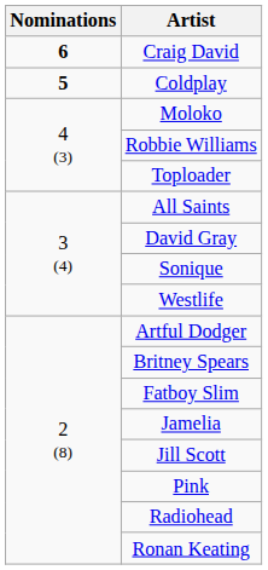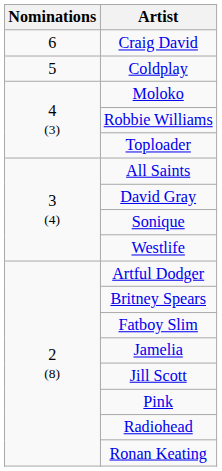 <table class="wikitable" rowspan="2" style="text-align:center;">
 <tr>
 <th scope="col" style="width:55px;">Nominations</th>
 <th scope="col" style="text-align:center;">Artist</th>
 </tr>
 <tr>
-<td><strong>6</strong></td>
+<td>6</td>
 <td><a href='#'>Craig David</a></td>
 </tr>
 <tr>
-<td><strong>5</strong></td>
+<td>5</td>
 <td><a href='#'>Coldplay</a></td>
 </tr>
 <tr>
 <td rowspan="3">4<br><small>(3)</small></td>
 <td><a href='#'>Moloko</a></td>
 </tr>
 <tr>
 <td><a href='#'>Robbie Williams</a></td>
 </tr>
 <tr>
 <td><a href='#'>Toploader</a></td>
 </tr>
 <tr>
 <td rowspan="4">3<br><small>(4)</small></td>
 <td><a href='#'>All Saints</a></td>
 </tr>
 <tr>
 <td><a href='#'>David Gray</a></td>
 </tr>
 <tr>
 <td><a href='#'>Sonique</a></td>
 </tr>
 <tr>
 <td><a href='#'>Westlife</a></td>
 </tr>
 <tr>
 <td rowspan="8">2<br><small>(8)</small></td>
 <td><a href='#'>Artful Dodger</a></td>
 </tr>
 <tr>
 <td><a href='#'>Britney Spears</a></td>
 </tr>
 <tr>
 <td><a href='#'>Fatboy Slim</a></td>
 </tr>
 <tr>
 <td><a href='#'>Jamelia</a></td>
 </tr>
 <tr>
 <td><a href='#'>Jill Scott</a></td>
 </tr>
 <tr>
 <td><a href='#'>Pink</a></td>
 </tr>
 <tr>
 <td><a href='#'>Radiohead</a></td>
 </tr>
 <tr>
 <td><a href='#'>Ronan Keating</a></td>
 </tr>
 </table>
